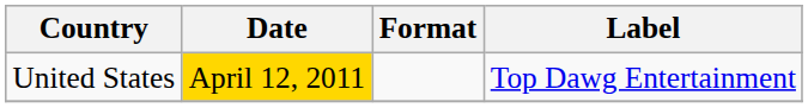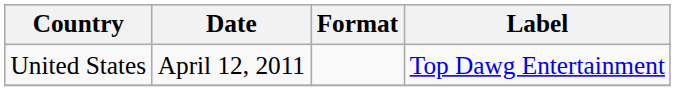 <table class="wikitable">
 <tr>
 <th>Country</th>
 <th>Date</th>
 <th>Format</th>
 <th>Label</th>
 </tr>
 <tr>
 <td>United States</td>
-<td style="background: gold;">April 12, 2011</td>
+<td>April 12, 2011</td>
 <td></td>
 <td><a href='#'>Top Dawg Entertainment</a></td>
 </tr>
 <tr>
 </tr>
 </table>
